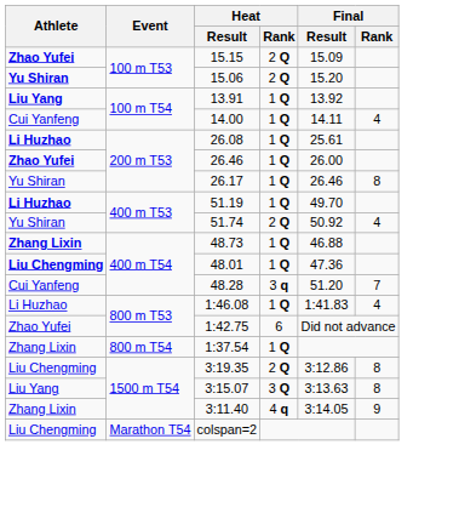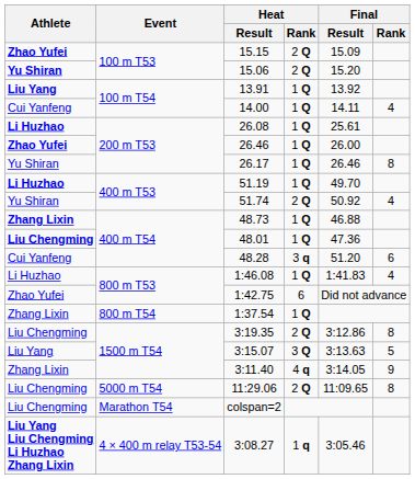 <table class="wikitable" style="text-align: center; font-size:90%">
 <tr>
 <th rowspan="2">Athlete</th>
 <th rowspan="2">Event</th>
 <th colspan="2">Heat</th>
 <th colspan="2">Final</th>
 </tr>
 <tr>
 <th>Result</th>
 <th>Rank</th>
 <th>Result</th>
 <th>Rank</th>
 </tr>
 <tr>
 <td align=left><strong><a href='#'>Zhao Yufei</a></strong></td>
 <td align=left rowspan=2><a href='#'>100 m T53</a></td>
 <td>15.15</td>
 <td>2 <strong>Q</strong></td>
 <td>15.09</td>
 <td></td>
 </tr>
 <tr>
 <td align=left><strong><a href='#'>Yu Shiran</a></strong></td>
 <td>15.06</td>
 <td>2 <strong>Q</strong></td>
 <td>15.20</td>
 <td></td>
 </tr>
 <tr>
 <td align=left><strong><a href='#'>Liu Yang</a></strong></td>
 <td align=left rowspan=2><a href='#'>100 m T54</a></td>
 <td>13.91 </td>
 <td>1 <strong>Q</strong></td>
 <td>13.92</td>
 <td></td>
 </tr>
 <tr>
 <td align=left><a href='#'>Cui Yanfeng</a></td>
 <td>14.00</td>
 <td>1 <strong>Q</strong></td>
 <td>14.11</td>
 <td>4</td>
 </tr>
 <tr>
 <td align=left><strong><a href='#'>Li Huzhao</a></strong></td>
 <td align=left rowspan=3><a href='#'>200 m T53</a></td>
 <td>26.08 </td>
 <td>1 <strong>Q</strong></td>
 <td>25.61 </td>
 <td></td>
 </tr>
 <tr>
 <td align=left><strong><a href='#'>Zhao Yufei</a></strong></td>
 <td>26.46</td>
 <td>1 <strong>Q</strong></td>
 <td>26.00</td>
 <td></td>
 </tr>
 <tr>
 <td align=left><a href='#'>Yu Shiran</a></td>
 <td>26.17</td>
 <td>1 <strong>Q</strong></td>
 <td>26.46</td>
 <td>8</td>
 </tr>
 <tr>
 <td align=left><strong><a href='#'>Li Huzhao</a></strong></td>
 <td align=left rowspan=2><a href='#'>400 m T53</a></td>
 <td>51.19</td>
 <td>1 <strong>Q</strong></td>
 <td>49.70</td>
 <td></td>
 </tr>
 <tr>
 <td align=left><a href='#'>Yu Shiran</a></td>
 <td>51.74</td>
 <td>2 <strong>Q</strong></td>
 <td>50.92</td>
 <td>4</td>
 </tr>
 <tr>
 <td align=left><strong><a href='#'>Zhang Lixin</a></strong></td>
 <td align=left rowspan=3><a href='#'>400 m T54</a></td>
 <td>48.73</td>
 <td>1 <strong>Q</strong></td>
 <td>46.88</td>
 <td></td>
 </tr>
 <tr>
 <td align=left><strong><a href='#'>Liu Chengming</a></strong></td>
 <td>48.01</td>
 <td>1 <strong>Q</strong></td>
 <td>47.36</td>
 <td></td>
 </tr>
 <tr>
 <td align=left><a href='#'>Cui Yanfeng</a></td>
 <td>48.28</td>
 <td>3 <strong>q</strong></td>
 <td>51.20</td>
-<td>7</td>
+<td>6</td>
 </tr>
 <tr>
 <td align=left><a href='#'>Li Huzhao</a></td>
 <td align=left rowspan=2><a href='#'>800 m T53</a></td>
 <td>1:46.08</td>
 <td>1 <strong>Q</strong></td>
 <td>1:41.83</td>
 <td>4</td>
 </tr>
 <tr>
 <td align=left><a href='#'>Zhao Yufei</a></td>
 <td>1:42.75</td>
 <td>6</td>
 <td colspan=2>Did not advance</td>
 </tr>
 <tr>
 <td align=left><a href='#'>Zhang Lixin</a></td>
 <td align=left><a href='#'>800 m T54</a></td>
 <td>1:37.54</td>
 <td>1 <strong>Q</strong></td>
 <td colspan=2></td>
 </tr>
 <tr>
 <td align=left><a href='#'>Liu Chengming</a></td>
 <td align=left rowspan=3><a href='#'>1500 m T54</a></td>
 <td>3:19.35</td>
 <td>2 <strong>Q</strong></td>
 <td>3:12.86</td>
 <td>8</td>
 </tr>
 <tr>
 <td align=left><a href='#'>Liu Yang</a></td>
 <td>3:15.07</td>
 <td>3 <strong>Q</strong></td>
 <td>3:13.63</td>
-<td>8</td>
+<td>5</td>
 </tr>
 <tr>
 <td align=left><a href='#'>Zhang Lixin</a></td>
 <td>3:11.40</td>
 <td>4 <strong>q</strong></td>
 <td>3:14.05</td>
 <td>9</td>
 </tr>
 <tr>
 <td align=left><a href='#'>Liu Chengming</a></td>
+<td align=left><a href='#'>5000 m T54</a></td>
+<td>11:29.06</td>
+<td>2 <strong>Q</strong></td>
+<td>11:09.65</td>
+<td>8</td>
+</tr>
+<tr>
+<td align=left><a href='#'>Liu Chengming</a></td>
 <td align=left><a href='#'>Marathon T54</a></td>
 <td>colspan=2 </td>
 <td colspan=2></td>
 </tr>
+<tr>
+<td align=left><strong><a href='#'>Liu Yang</a><br><a href='#'>Liu Chengming</a><br><a href='#'>Li Huzhao</a><br><a href='#'>Zhang Lixin</a></strong></td>
+<td align=left><a href='#'>4 × 400 m relay T53-54</a></td>
+<td>3:08.27</td>
+<td>1 <strong>q</strong></td>
+<td>3:05.46 </td>
+<td></td>
+</tr>
 </table>
